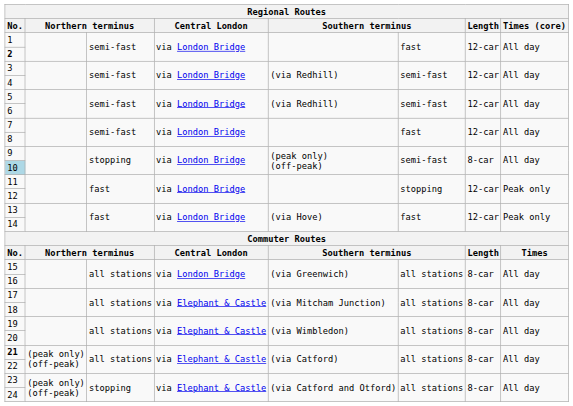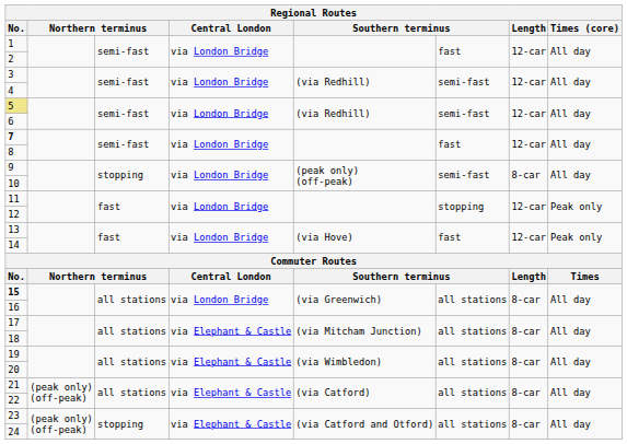 <table class="wikitable" style="margin:1em auto">
 <tr>
 <th colspan="9"><strong>Regional Routes</strong></th>
 </tr>
 <tr>
 <th>No.</th>
 <th colspan=2>Northern terminus</th>
 <th>Central London</th>
 <th colspan=2>Southern terminus</th>
 <th>Length</th>
 <th>Times (core)</th>
 </tr>
 <tr>
 <td>1</td>
 <td rowspan=2></td>
 <td rowspan=2>semi-fast</td>
 <td rowspan=2>via <a href='#'>London Bridge</a></td>
 <td rowspan=2></td>
 <td rowspan=2>fast</td>
 <td rowspan=2>12-car</td>
 <td rowspan=2>All day</td>
 </tr>
 <tr>
-<td><strong>2</strong></td>
+<td>2</td>
 </tr>
 <tr>
 <td>3</td>
 <td rowspan=2></td>
 <td rowspan=2>semi-fast</td>
 <td rowspan=2>via <a href='#'>London Bridge</a></td>
 <td rowspan=2> (via Redhill)</td>
 <td rowspan=2>semi-fast</td>
 <td rowspan=2>12-car</td>
 <td rowspan=2>All day</td>
 </tr>
 <tr>
 <td>4</td>
 </tr>
 <tr>
-<td>5</td>
+<td style="background: khaki;">5</td>
 <td rowspan=2></td>
 <td rowspan=2>semi-fast</td>
 <td rowspan=2>via <a href='#'>London Bridge</a></td>
 <td rowspan=2> (via Redhill)</td>
 <td rowspan=2>semi-fast</td>
 <td rowspan=2>12-car</td>
 <td rowspan=2>All day</td>
 </tr>
 <tr>
 <td>6</td>
 </tr>
 <tr>
-<td>7</td>
+<td><strong>7</strong></td>
 <td rowspan=2></td>
 <td rowspan=2>semi-fast</td>
 <td rowspan=2>via <a href='#'>London Bridge</a></td>
 <td rowspan=2></td>
 <td rowspan=2>fast</td>
 <td rowspan=2>12-car</td>
 <td rowspan=2>All day</td>
 </tr>
 <tr>
 <td>8</td>
 </tr>
 <tr>
 <td>9</td>
 <td rowspan=2></td>
 <td rowspan=2>stopping</td>
 <td rowspan=2>via <a href='#'>London Bridge</a></td>
 <td rowspan=2> (peak only)<br> (off-peak)</td>
 <td rowspan=2>semi-fast</td>
 <td rowspan=2>8-car</td>
 <td rowspan=2>All day</td>
 </tr>
 <tr>
-<td style="background: lightblue;">10</td>
+<td>10</td>
 </tr>
 <tr>
 <td>11</td>
 <td rowspan=2></td>
 <td rowspan=2>fast</td>
 <td rowspan=2>via <a href='#'>London Bridge</a></td>
 <td rowspan=2></td>
 <td rowspan=2>stopping</td>
 <td rowspan=2>12-car</td>
 <td rowspan=2>Peak only</td>
 </tr>
 <tr>
 <td>12</td>
 </tr>
 <tr>
 <td>13</td>
 <td rowspan=2></td>
 <td rowspan=2>fast</td>
 <td rowspan=2>via <a href='#'>London Bridge</a></td>
 <td rowspan=2> (via Hove)</td>
 <td rowspan=2>fast</td>
 <td rowspan=2>12-car</td>
 <td rowspan=2>Peak only</td>
 </tr>
 <tr>
 <td>14</td>
 </tr>
 <tr>
 <th colspan="8"><strong>Commuter Routes</strong></th>
 </tr>
 <tr>
 <th>No.</th>
 <th colspan=2>Northern terminus</th>
 <th>Central London</th>
 <th colspan=2>Southern terminus</th>
 <th>Length</th>
 <th>Times</th>
 </tr>
 <tr>
-<td>15</td>
+<td><strong>15</strong></td>
 <td rowspan=2></td>
 <td rowspan=2>all stations</td>
 <td rowspan=2>via <a href='#'>London Bridge</a></td>
 <td rowspan=2> (via Greenwich)</td>
 <td rowspan=2>all stations</td>
 <td rowspan=2>8-car</td>
 <td rowspan=2>All day</td>
 </tr>
 <tr>
 <td>16</td>
 </tr>
 <tr>
 <td>17</td>
 <td rowspan=2></td>
 <td rowspan=2>all stations</td>
 <td rowspan=2>via <a href='#'>Elephant & Castle</a></td>
 <td rowspan=2> (via Mitcham Junction)</td>
 <td rowspan=2>all stations</td>
 <td rowspan=2>8-car</td>
 <td rowspan=2>All day</td>
 </tr>
 <tr>
 <td>18</td>
 </tr>
 <tr>
 <td>19</td>
 <td rowspan=2></td>
 <td rowspan=2>all stations</td>
 <td rowspan=2>via <a href='#'>Elephant & Castle</a></td>
 <td rowspan=2> (via Wimbledon)</td>
 <td rowspan=2>all stations</td>
 <td rowspan=2>8-car</td>
 <td rowspan=2>All day</td>
 </tr>
 <tr>
 <td>20</td>
 </tr>
 <tr>
-<td><strong>21</strong></td>
+<td>21</td>
 <td rowspan=2> (peak only)<br> (off-peak)</td>
 <td rowspan=2>all stations</td>
 <td rowspan=2>via <a href='#'>Elephant & Castle</a></td>
 <td rowspan=2> (via Catford)</td>
 <td rowspan=2>all stations</td>
 <td rowspan=2>8-car</td>
 <td rowspan=2>All day</td>
 </tr>
 <tr>
 <td>22</td>
 </tr>
 <tr>
 <td>23</td>
 <td rowspan=2> (peak only)<br> (off-peak)</td>
 <td rowspan=2>stopping</td>
 <td rowspan=2>via <a href='#'>Elephant & Castle</a></td>
 <td rowspan=2> (via Catford and Otford)</td>
 <td rowspan=2>all stations</td>
 <td rowspan=2>8-car</td>
 <td rowspan=2>All day</td>
 </tr>
 <tr>
 <td>24</td>
 </tr>
 </table>
